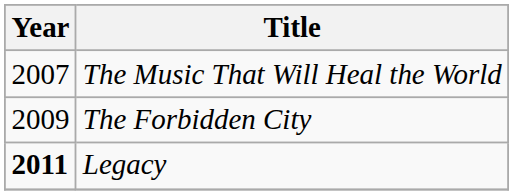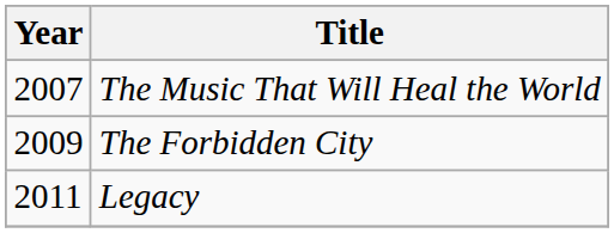 <table class="wikitable">
 <tr>
 <th>Year</th>
 <th>Title</th>
 </tr>
 <tr>
 <td>2007</td>
 <td><em>The Music That Will Heal the World</em></td>
 </tr>
 <tr>
 <td>2009</td>
 <td><em>The Forbidden City</em></td>
 </tr>
 <tr>
-<td><strong>2011</strong></td>
+<td>2011</td>
 <td><em>Legacy</em></td>
 </tr>
 <tr>
 </tr>
 </table>
